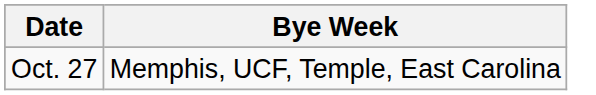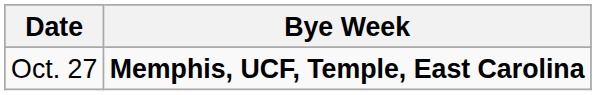 <table class="wikitable" style="font-size:95%;">
 <tr>
 <th>Date</th>
 <th>Bye Week</th>
 </tr>
 <tr>
 <td>Oct. 27</td>
-<td>Memphis, UCF, Temple, East Carolina</td>
+<td><strong>Memphis, UCF, Temple, East Carolina</strong></td>
 </tr>
 </table>
